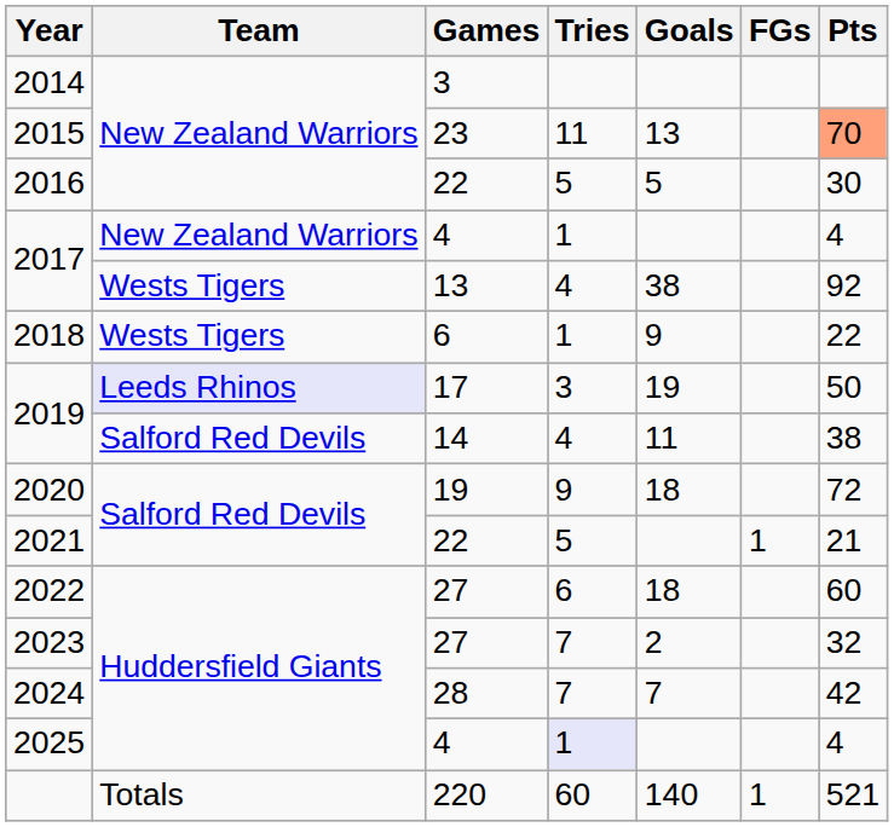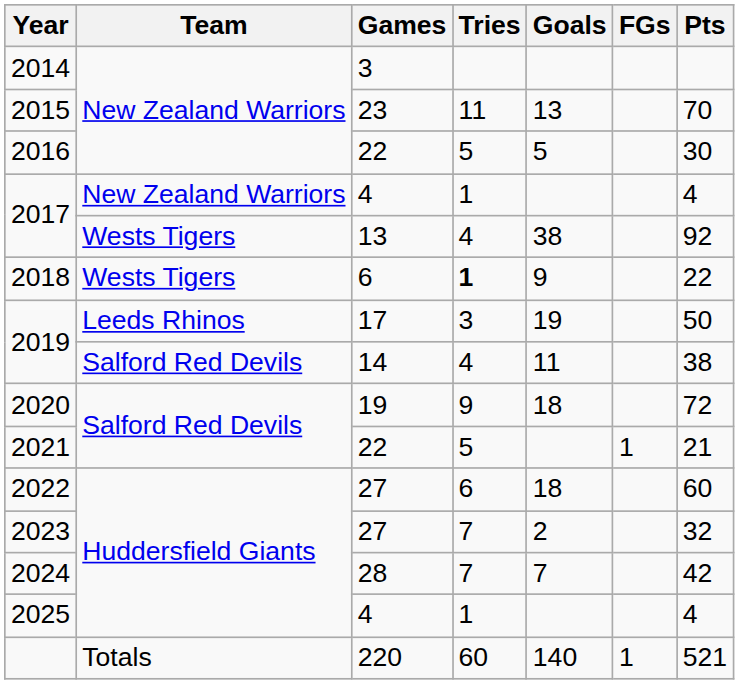 <table class="wikitable">
 <tr>
 <th>Year</th>
 <th>Team</th>
 <th>Games</th>
 <th>Tries</th>
 <th>Goals</th>
 <th>FGs</th>
 <th>Pts</th>
 </tr>
 <tr>
 <td>2014</td>
 <td rowspan="3"> <a href='#'>New Zealand Warriors</a></td>
 <td>3</td>
 <td></td>
 <td></td>
 <td></td>
 <td></td>
 </tr>
 <tr>
 <td>2015</td>
 <td>23</td>
 <td>11</td>
 <td>13</td>
 <td></td>
-<td style="background: lightsalmon;">70</td>
+<td>70</td>
 </tr>
 <tr>
 <td>2016</td>
 <td>22</td>
 <td>5</td>
 <td>5</td>
 <td></td>
 <td>30</td>
 </tr>
 <tr>
 <td rowspan="2">2017</td>
 <td> <a href='#'>New Zealand Warriors</a></td>
 <td>4</td>
 <td>1</td>
 <td></td>
 <td></td>
 <td>4</td>
 </tr>
 <tr>
 <td> <a href='#'>Wests Tigers</a></td>
 <td>13</td>
 <td>4</td>
 <td>38</td>
 <td></td>
 <td>92</td>
 </tr>
 <tr>
 <td>2018</td>
 <td> <a href='#'>Wests Tigers</a></td>
 <td>6</td>
-<td>1</td>
+<td><strong>1</strong></td>
 <td>9</td>
 <td></td>
 <td>22</td>
 </tr>
 <tr>
 <td rowspan="2">2019</td>
-<td style="background: lavender;"> <a href='#'>Leeds Rhinos</a></td>
+<td> <a href='#'>Leeds Rhinos</a></td>
 <td>17</td>
 <td>3</td>
 <td>19</td>
 <td></td>
 <td>50</td>
 </tr>
 <tr>
 <td> <a href='#'>Salford Red Devils</a></td>
 <td>14</td>
 <td>4</td>
 <td>11</td>
 <td></td>
 <td>38</td>
 </tr>
 <tr>
 <td>2020</td>
 <td rowspan="2"> <a href='#'>Salford Red Devils</a></td>
 <td>19</td>
 <td>9</td>
 <td>18</td>
 <td></td>
 <td>72</td>
 </tr>
 <tr>
 <td>2021</td>
 <td>22</td>
 <td>5</td>
 <td></td>
 <td>1</td>
 <td>21</td>
 </tr>
 <tr>
 <td>2022</td>
 <td rowspan="4"> <a href='#'>Huddersfield Giants</a></td>
 <td>27</td>
 <td>6</td>
 <td>18</td>
 <td></td>
 <td>60</td>
 </tr>
 <tr>
 <td>2023</td>
 <td>27</td>
 <td>7</td>
 <td>2</td>
 <td></td>
 <td>32</td>
 </tr>
 <tr>
 <td>2024</td>
 <td>28</td>
 <td>7</td>
 <td>7</td>
 <td></td>
 <td>42</td>
 </tr>
 <tr>
 <td>2025</td>
 <td>4</td>
-<td style="background: lavender;">1</td>
+<td>1</td>
 <td></td>
 <td></td>
 <td>4</td>
 </tr>
 <tr>
 <td></td>
 <td>Totals</td>
 <td>220</td>
 <td>60</td>
 <td>140</td>
 <td>1</td>
 <td>521</td>
 </tr>
 </table>
